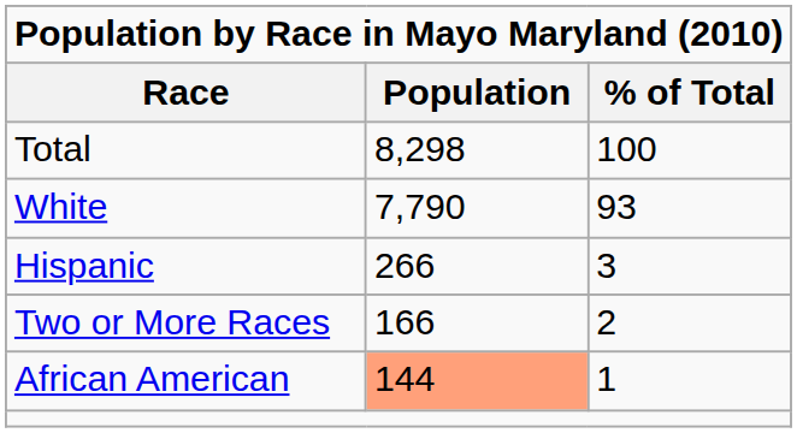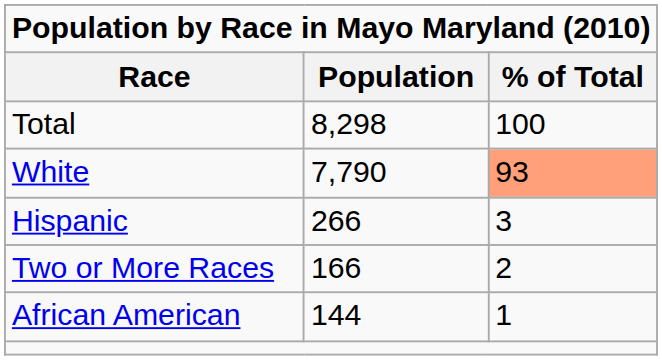 <table class="wikitable sortable">
 <tr>
 <td colspan="3" style="text-align:center;"><strong>Population by Race in Mayo Maryland (2010)</strong></td>
 </tr>
 <tr>
 <th>Race</th>
 <th>Population</th>
 <th>% of Total</th>
 </tr>
 <tr>
 <td>Total</td>
 <td>8,298</td>
 <td>100</td>
 </tr>
 <tr>
 <td><a href='#'>White</a></td>
 <td>7,790</td>
-<td>93</td>
+<td style="background: lightsalmon;">93</td>
 </tr>
 <tr>
 <td><a href='#'>Hispanic</a></td>
 <td>266</td>
 <td>3</td>
 </tr>
 <tr>
 <td><a href='#'>Two or More Races</a></td>
 <td>166</td>
 <td>2</td>
 </tr>
 <tr>
 <td><a href='#'>African American</a></td>
-<td style="background: lightsalmon;">144</td>
+<td>144</td>
 <td>1</td>
 </tr>
 <tr>
 <td colspan="3"></td>
 </tr>
 </table>
